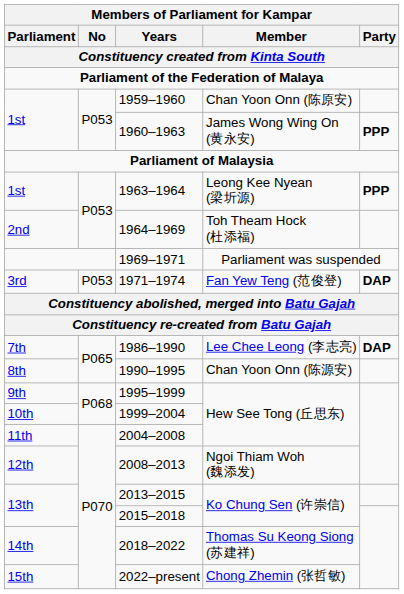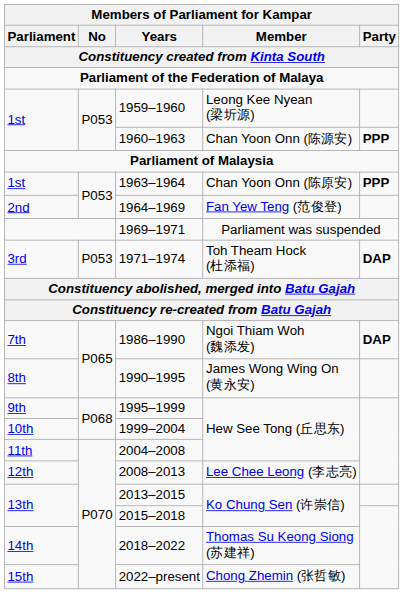 <table class=wikitable>
 <tr>
 <th colspan="5">Members of Parliament for Kampar</th>
 </tr>
 <tr>
 <th>Parliament</th>
 <th>No</th>
 <th>Years</th>
 <th>Member</th>
 <th>Party</th>
 </tr>
 <tr>
 <th colspan="5" align="center"><em>Constituency created from <a href='#'>Kinta South</a></em></th>
 </tr>
 <tr>
 <td colspan="5" align="center"><strong>Parliament of the Federation of Malaya</strong></td>
 </tr>
 <tr>
 <td rowspan=2><a href='#'>1st</a></td>
 <td rowspan="2">P053</td>
 <td>1959–1960</td>
-<td>Chan Yoon Onn (陈原安)</td>
+<td>Leong Kee Nyean <br> (梁圻源)</td>
 <td></td>
 </tr>
 <tr>
 <td>1960–1963</td>
-<td>James Wong Wing On <br> (黄永安)</td>
+<td>Chan Yoon Onn (陈源安)</td>
 <td><strong>PPP</strong></td>
 </tr>
 <tr>
 <td colspan="5" align="center"><strong>Parliament of Malaysia</strong></td>
 </tr>
 <tr>
 <td><a href='#'>1st</a></td>
 <td rowspan="2">P053</td>
 <td>1963–1964</td>
-<td>Leong Kee Nyean <br> (梁圻源)</td>
+<td>Chan Yoon Onn (陈原安)</td>
 <td><strong>PPP</strong></td>
 </tr>
 <tr>
 <td><a href='#'>2nd</a></td>
 <td>1964–1969</td>
-<td>Toh Theam Hock <br> (杜添福)</td>
+<td><a href='#'>Fan Yew Teng</a> (范俊登)</td>
 <td></td>
 </tr>
 <tr>
 <td colspan="2"></td>
 <td>1969–1971</td>
 <td colspan=2 align=center>Parliament was suspended</td>
 </tr>
 <tr>
 <td><a href='#'>3rd</a></td>
 <td>P053</td>
 <td>1971–1974</td>
-<td><a href='#'>Fan Yew Teng</a> (范俊登)</td>
+<td>Toh Theam Hock <br> (杜添福)</td>
 <td><strong>DAP</strong></td>
 </tr>
 <tr>
 <th colspan="5" align="center"><em>Constituency abolished, merged into <a href='#'>Batu Gajah</a></em></th>
 </tr>
 <tr>
 <th colspan="5" align="center"><em>Constituency re-created from <a href='#'>Batu Gajah</a></em></th>
 </tr>
 <tr>
 <td><a href='#'>7th</a></td>
 <td rowspan="2">P065</td>
 <td>1986–1990</td>
-<td><a href='#'>Lee Chee Leong</a> (李志亮)</td>
+<td>Ngoi Thiam Woh <br> (魏添发)</td>
 <td><strong>DAP</strong></td>
 </tr>
 <tr>
 <td><a href='#'>8th</a></td>
 <td>1990–1995</td>
-<td>Chan Yoon Onn (陈源安)</td>
+<td>James Wong Wing On <br> (黄永安)</td>
 <td bgcolor=></td>
 </tr>
 <tr>
 <td><a href='#'>9th</a></td>
 <td rowspan="2">P068</td>
 <td>1995–1999</td>
 <td rowspan=3>Hew See Tong (丘思东)</td>
 <td rowspan="4"></td>
 </tr>
 <tr>
 <td><a href='#'>10th</a></td>
 <td>1999–2004</td>
 </tr>
 <tr>
 <td><a href='#'>11th</a></td>
 <td rowspan=6>P070</td>
 <td>2004–2008</td>
 </tr>
 <tr>
 <td><a href='#'>12th</a></td>
 <td>2008–2013</td>
-<td>Ngoi Thiam Woh <br> (魏添发)</td>
+<td><a href='#'>Lee Chee Leong</a> (李志亮)</td>
 </tr>
 <tr>
 <td rowspan=2><a href='#'>13th</a></td>
 <td>2013–2015</td>
 <td rowspan=2><a href='#'>Ko Chung Sen</a> (许崇信)</td>
 <td></td>
 </tr>
 <tr>
 <td>2015–2018</td>
 <td rowspan=3></td>
 </tr>
 <tr>
 <td><a href='#'>14th</a></td>
 <td>2018–2022</td>
 <td><a href='#'>Thomas Su Keong Siong</a> <br> (苏建祥)</td>
 </tr>
 <tr>
 <td><a href='#'>15th</a></td>
 <td>2022–present</td>
 <td><a href='#'>Chong Zhemin</a> (张哲敏)</td>
 </tr>
 </table>
